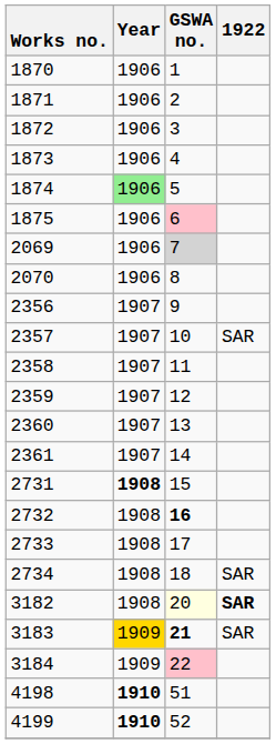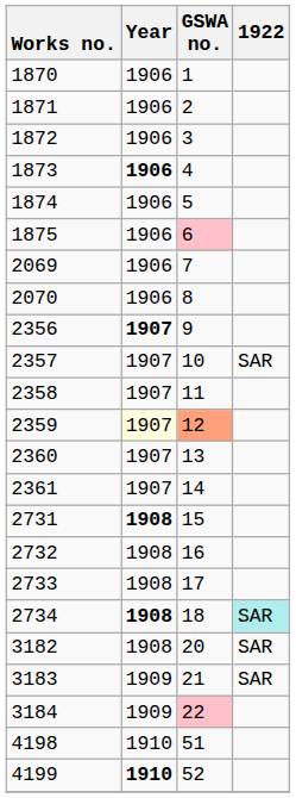 <table class="wikitable collapsible collapsed sortable" style="margin:0.5em auto; font-size:100%;">
 <tr>
 <th><br>Works no.</th>
 <th>Year<br></th>
 <th>GSWA<br>no.</th>
 <th>1922<br></th>
 </tr>
 <tr>
 <td>1870</td>
 <td>1906</td>
 <td>1</td>
 <td></td>
 </tr>
 <tr>
 <td>1871</td>
 <td>1906</td>
 <td>2</td>
 <td></td>
 </tr>
 <tr>
 <td>1872</td>
 <td>1906</td>
 <td>3</td>
 <td></td>
 </tr>
 <tr>
 <td>1873</td>
-<td>1906</td>
+<td><strong>1906</strong></td>
 <td>4</td>
 <td></td>
 </tr>
 <tr>
 <td>1874</td>
-<td style="background: lightgreen;">1906</td>
+<td>1906</td>
 <td>5</td>
 <td></td>
 </tr>
 <tr>
 <td>1875</td>
 <td>1906</td>
 <td style="background: pink;">6</td>
 <td></td>
 </tr>
 <tr>
 <td>2069</td>
 <td>1906</td>
-<td style="background: lightgrey;">7</td>
+<td>7</td>
 <td></td>
 </tr>
 <tr>
 <td>2070</td>
 <td>1906</td>
 <td>8</td>
 <td></td>
 </tr>
 <tr>
 <td>2356</td>
-<td>1907</td>
+<td><strong>1907</strong></td>
 <td>9</td>
 <td></td>
 </tr>
 <tr>
 <td>2357</td>
 <td>1907</td>
 <td>10</td>
 <td>SAR</td>
 </tr>
 <tr>
 <td>2358</td>
 <td>1907</td>
 <td>11</td>
 <td></td>
 </tr>
 <tr>
 <td>2359</td>
-<td>1907</td>
-<td>12</td>
+<td style="background: lightyellow;">1907</td>
+<td style="background: lightsalmon;">12</td>
 <td></td>
 </tr>
 <tr>
 <td>2360</td>
 <td>1907</td>
 <td>13</td>
 <td></td>
 </tr>
 <tr>
 <td>2361</td>
 <td>1907</td>
 <td>14</td>
 <td></td>
 </tr>
 <tr>
 <td>2731</td>
 <td><strong>1908</strong></td>
 <td>15</td>
 <td></td>
 </tr>
 <tr>
 <td>2732</td>
 <td>1908</td>
-<td><strong>16</strong></td>
+<td>16</td>
 <td></td>
 </tr>
 <tr>
 <td>2733</td>
 <td>1908</td>
 <td>17</td>
 <td></td>
 </tr>
 <tr>
 <td>2734</td>
-<td>1908</td>
+<td><strong>1908</strong></td>
 <td>18</td>
-<td>SAR</td>
+<td style="background: paleturquoise;">SAR</td>
 </tr>
 <tr>
 <td>3182</td>
 <td>1908</td>
-<td style="background: lightyellow;">20</td>
-<td><strong>SAR</strong></td>
+<td>20</td>
+<td>SAR</td>
 </tr>
 <tr>
 <td>3183</td>
-<td style="background: gold;">1909</td>
-<td><strong>21</strong></td>
+<td>1909</td>
+<td>21</td>
 <td>SAR</td>
 </tr>
 <tr>
 <td>3184</td>
 <td>1909</td>
 <td style="background: pink;">22</td>
 <td></td>
 </tr>
 <tr>
 <td>4198</td>
-<td><strong>1910</strong></td>
+<td>1910</td>
 <td>51</td>
 <td></td>
 </tr>
 <tr>
 <td>4199</td>
 <td><strong>1910</strong></td>
 <td>52</td>
 <td></td>
 </tr>
 <tr>
 </tr>
 </table>
